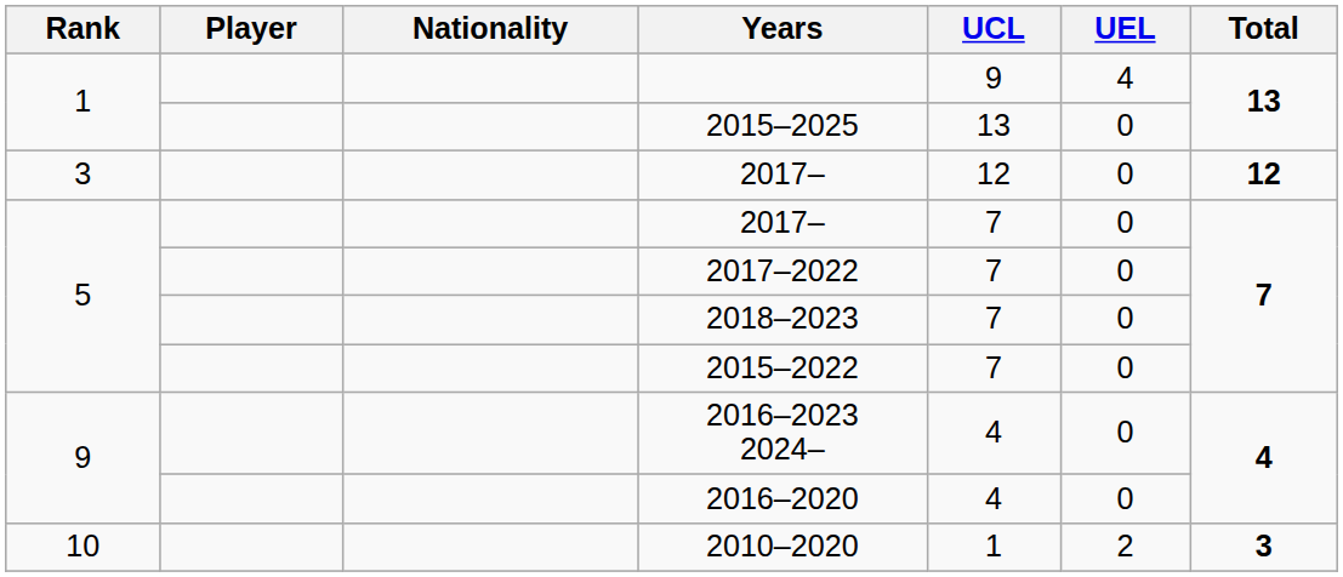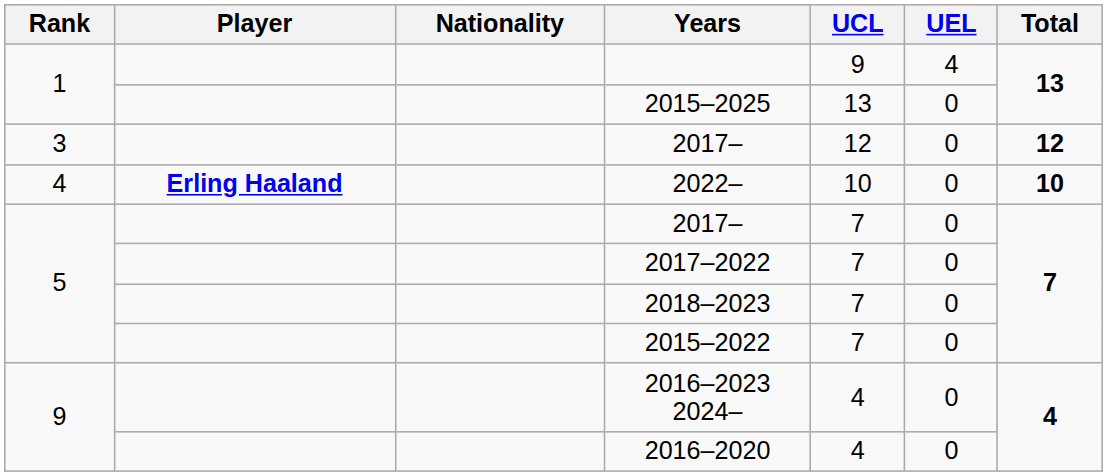 <table class="wikitable sortable" style="text-align:center;width:700px">
 <tr>
 <th>Rank</th>
 <th>Player</th>
 <th>Nationality</th>
 <th>Years</th>
 <th><a href='#'>UCL</a></th>
 <th><a href='#'>UEL</a></th>
 <th>Total</th>
 </tr>
 <tr>
 <td rowspan="2">1</td>
 <td></td>
 <td align="left"></td>
 <td></td>
 <td>9</td>
 <td>4</td>
 <td rowspan="2"><strong>13</strong></td>
 </tr>
 <tr>
 <td></td>
 <td align=left></td>
 <td>2015–2025</td>
 <td>13</td>
 <td>0</td>
 </tr>
 <tr>
 <td>3</td>
 <td><strong></strong></td>
 <td align="left"></td>
 <td>2017–</td>
 <td>12</td>
 <td>0</td>
 <td><strong>12</strong></td>
+</tr>
+<tr>
+<td>4</td>
+<td><strong><a href='#'>Erling Haaland</a></strong></td>
+<td align="left"></td>
+<td>2022–</td>
+<td>10</td>
+<td>0</td>
+<td><strong>10</strong></td>
 </tr>
 <tr>
 <td rowspan="4">5</td>
 <td><strong></strong></td>
 <td align="left"></td>
 <td>2017–</td>
 <td>7</td>
 <td>0</td>
 <td rowspan="4"><strong>7</strong></td>
 </tr>
 <tr>
 <td></td>
 <td align="left"></td>
 <td>2017–2022</td>
 <td>7</td>
 <td>0</td>
 </tr>
 <tr>
 <td></td>
 <td align="left"></td>
 <td>2018–2023</td>
 <td>7</td>
 <td>0</td>
 </tr>
 <tr>
 <td></td>
 <td align="left"></td>
 <td>2015–2022</td>
 <td>7</td>
 <td>0</td>
 </tr>
 <tr>
 <td rowspan="2">9</td>
 <td><strong></strong></td>
 <td align=left></td>
 <td>2016–2023<br>2024–</td>
 <td>4</td>
 <td>0</td>
 <td rowspan="2"><strong>4</strong></td>
 </tr>
 <tr>
 <td></td>
 <td align="left"></td>
 <td>2016–2020</td>
 <td>4</td>
 <td>0</td>
 </tr>
-<tr>
-<td>10</td>
-<td></td>
-<td align="left"></td>
-<td>2010–2020</td>
-<td>1</td>
-<td>2</td>
-<td><strong>3</strong></td>
-</tr>
 </table>
